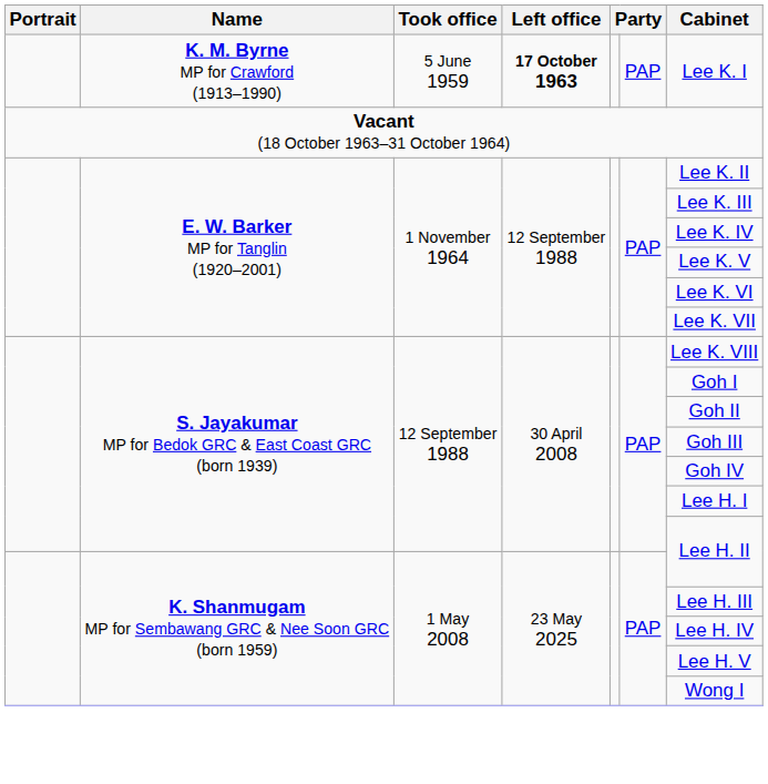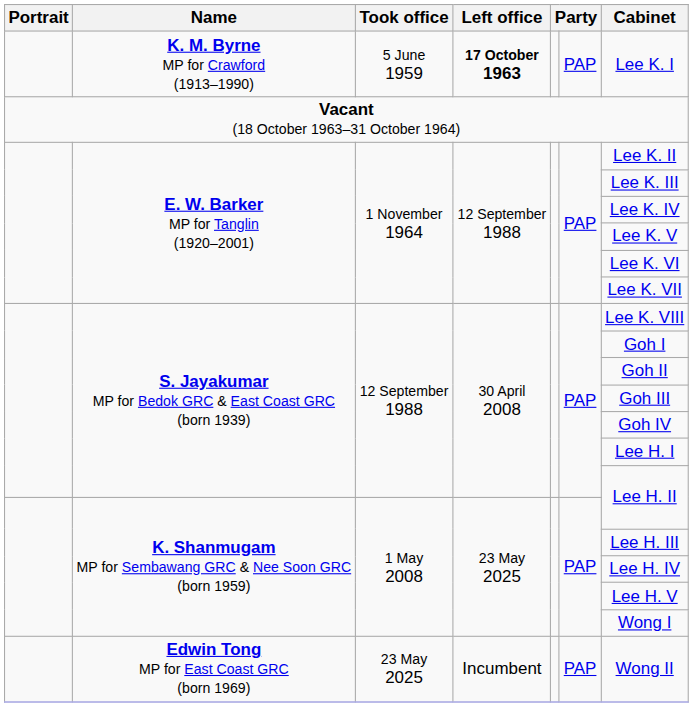 <table class="wikitable" style="text-align:center; border:1px #aaf solid;">
 <tr>
 <th>Portrait</th>
 <th>Name<br></th>
 <th width="85">Took office</th>
 <th width="85">Left office</th>
 <th colspan="2">Party</th>
 <th>Cabinet</th>
 </tr>
 <tr>
 <td></td>
 <td><strong><a href='#'>K. M. Byrne</a></strong><br><small>MP for <a href='#'>Crawford</a></small><br><small>(1913–1990)</small></td>
 <td><small>5 June</small><br>1959</td>
 <td><strong><small>17 October</small><br>1963</strong></td>
 <td style="background:"></td>
 <td><a href='#'>PAP</a></td>
 <td><a href='#'>Lee K. I</a></td>
 </tr>
 <tr>
 <td colspan="7"><strong>Vacant</strong><br><small>(18 October 1963–31 October 1964)</small></td>
 </tr>
 <tr>
 <td rowspan="6"></td>
 <td rowspan="6"><strong><a href='#'>E. W. Barker</a></strong><br><small>MP for <a href='#'>Tanglin</a></small><br><small>(1920–2001)</small></td>
 <td rowspan="6"><small>1 November</small><br>1964</td>
 <td rowspan="6"><small>12 September</small><br>1988</td>
 <td rowspan="6" style="background:"></td>
 <td rowspan="6"><a href='#'>PAP</a></td>
 <td><a href='#'>Lee K. II</a></td>
 </tr>
 <tr>
 <td><a href='#'>Lee K. III</a></td>
 </tr>
 <tr>
 <td><a href='#'>Lee K. IV</a></td>
 </tr>
 <tr>
 <td><a href='#'>Lee K. V</a></td>
 </tr>
 <tr>
 <td><a href='#'>Lee K. VI</a></td>
 </tr>
 <tr>
 <td><a href='#'>Lee K. VII</a></td>
 </tr>
 <tr>
 <td rowspan="7"></td>
 <td rowspan="7"><a href='#'><strong>S. Jayakumar</strong></a><br><small>MP for <a href='#'>Bedok GRC</a> & <a href='#'>East Coast GRC</a></small><br><small>(born 1939)</small></td>
 <td rowspan="7"><small>12 September</small><br>1988</td>
 <td rowspan="7"><small>30 April</small><br>2008</td>
 <td rowspan="7" style="background:"></td>
 <td rowspan="7"><a href='#'>PAP</a></td>
 <td><a href='#'>Lee K. VIII</a></td>
 </tr>
 <tr>
 <td><a href='#'>Goh I</a></td>
 </tr>
 <tr>
 <td><a href='#'>Goh II</a></td>
 </tr>
 <tr>
 <td><a href='#'>Goh III</a></td>
 </tr>
 <tr>
 <td><a href='#'>Goh IV</a></td>
 </tr>
 <tr>
 <td><a href='#'>Lee H. I</a></td>
 </tr>
 <tr style="height:30px;">
 <td rowspan="2"><a href='#'>Lee H. II</a></td>
 </tr>
 <tr style="height:30px;">
 <td rowspan="5"></td>
 <td rowspan="5"><strong><a href='#'>K. Shanmugam</a></strong><br><small>MP for <a href='#'>Sembawang GRC</a> & <a href='#'>Nee Soon GRC</a></small><br><small>(born 1959)</small></td>
 <td rowspan="5"><small>1 May</small><br>2008</td>
 <td rowspan="5"><small>23 May</small><br>2025</td>
 <td rowspan="5" style="background:"></td>
 <td rowspan="5"><a href='#'>PAP</a></td>
 </tr>
 <tr>
 <td><a href='#'>Lee H. III</a></td>
 </tr>
 <tr>
 <td><a href='#'>Lee H. IV</a></td>
 </tr>
 <tr>
 <td><a href='#'>Lee H. V</a></td>
 </tr>
 <tr>
 <td><a href='#'>Wong I</a></td>
 </tr>
+<tr style="height:30px;">
+<td rowspan="1"></td>
+<td rowspan="1"><strong><a href='#'>Edwin Tong</a></strong><br><small>MP for <a href='#'>East Coast GRC</a></small><br><small>(born 1969)</small></td>
+<td rowspan="1"><small>23 May</small><br>2025</td>
+<td rowspan="1">Incumbent</td>
+<td rowspan="1" style="background:"></td>
+<td rowspan="1"><a href='#'>PAP</a></td>
+<td><a href='#'>Wong II</a></td>
+</tr>
 <tr>
 </tr>
 </table>
